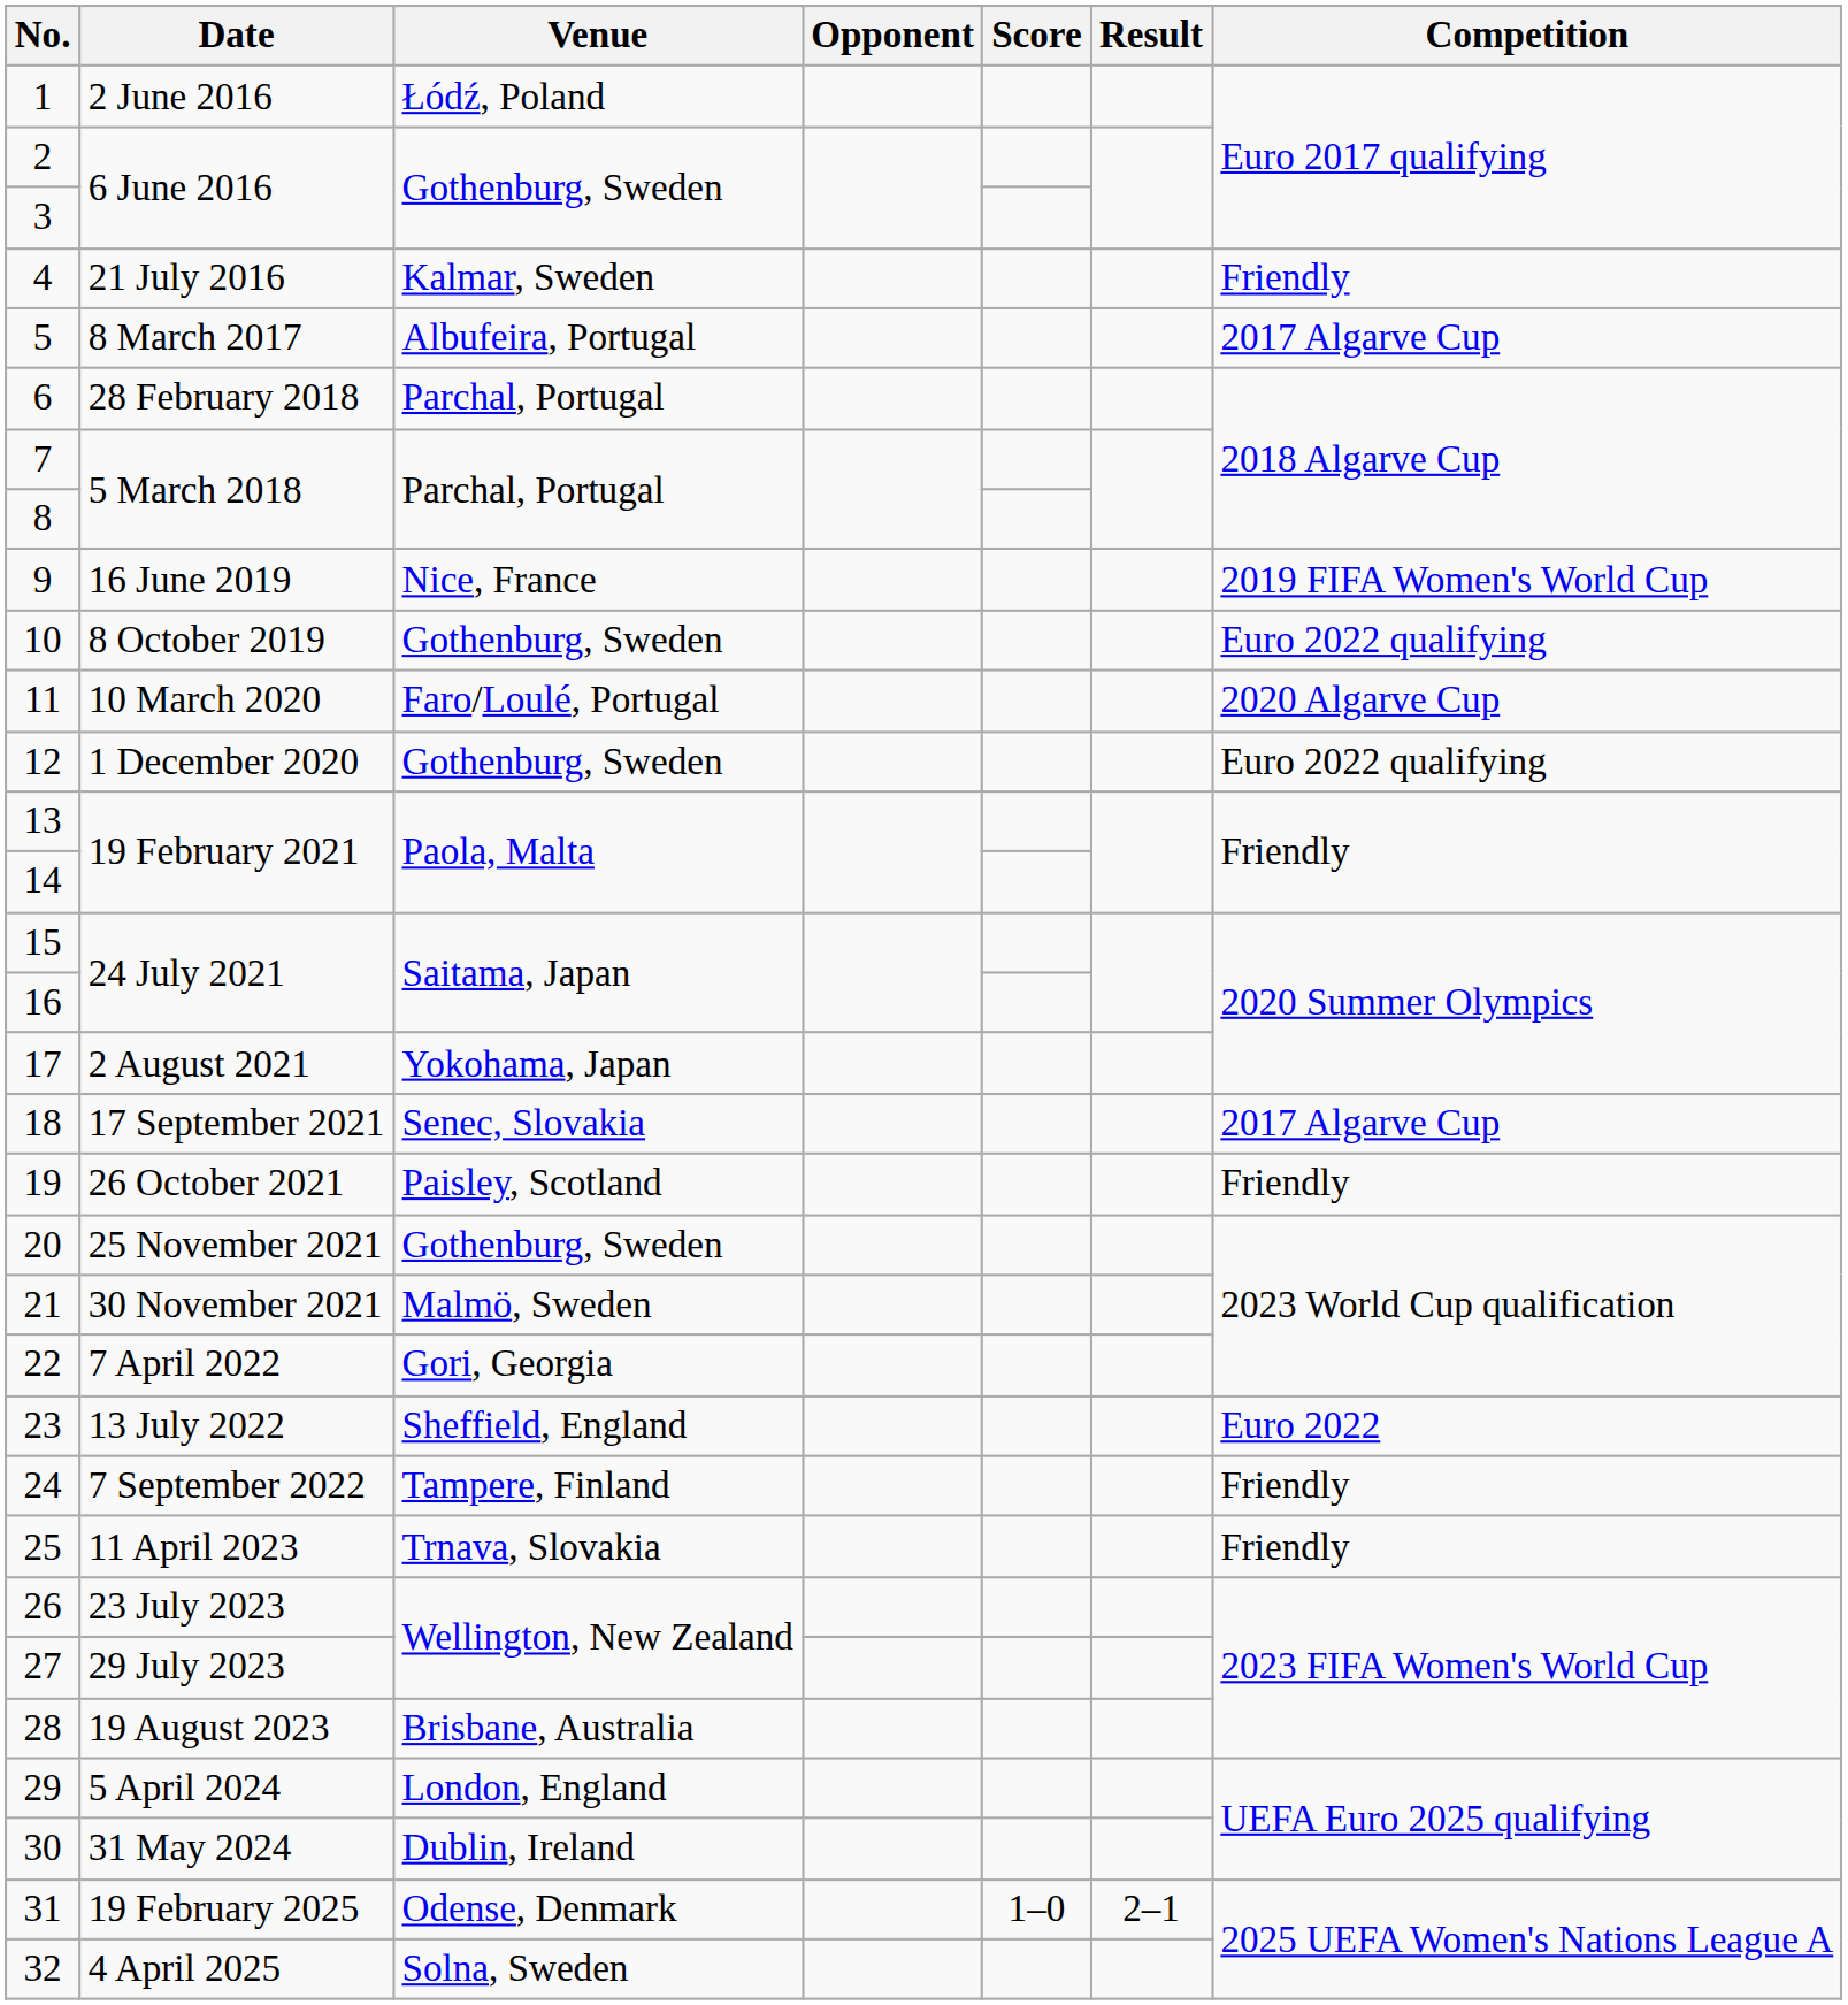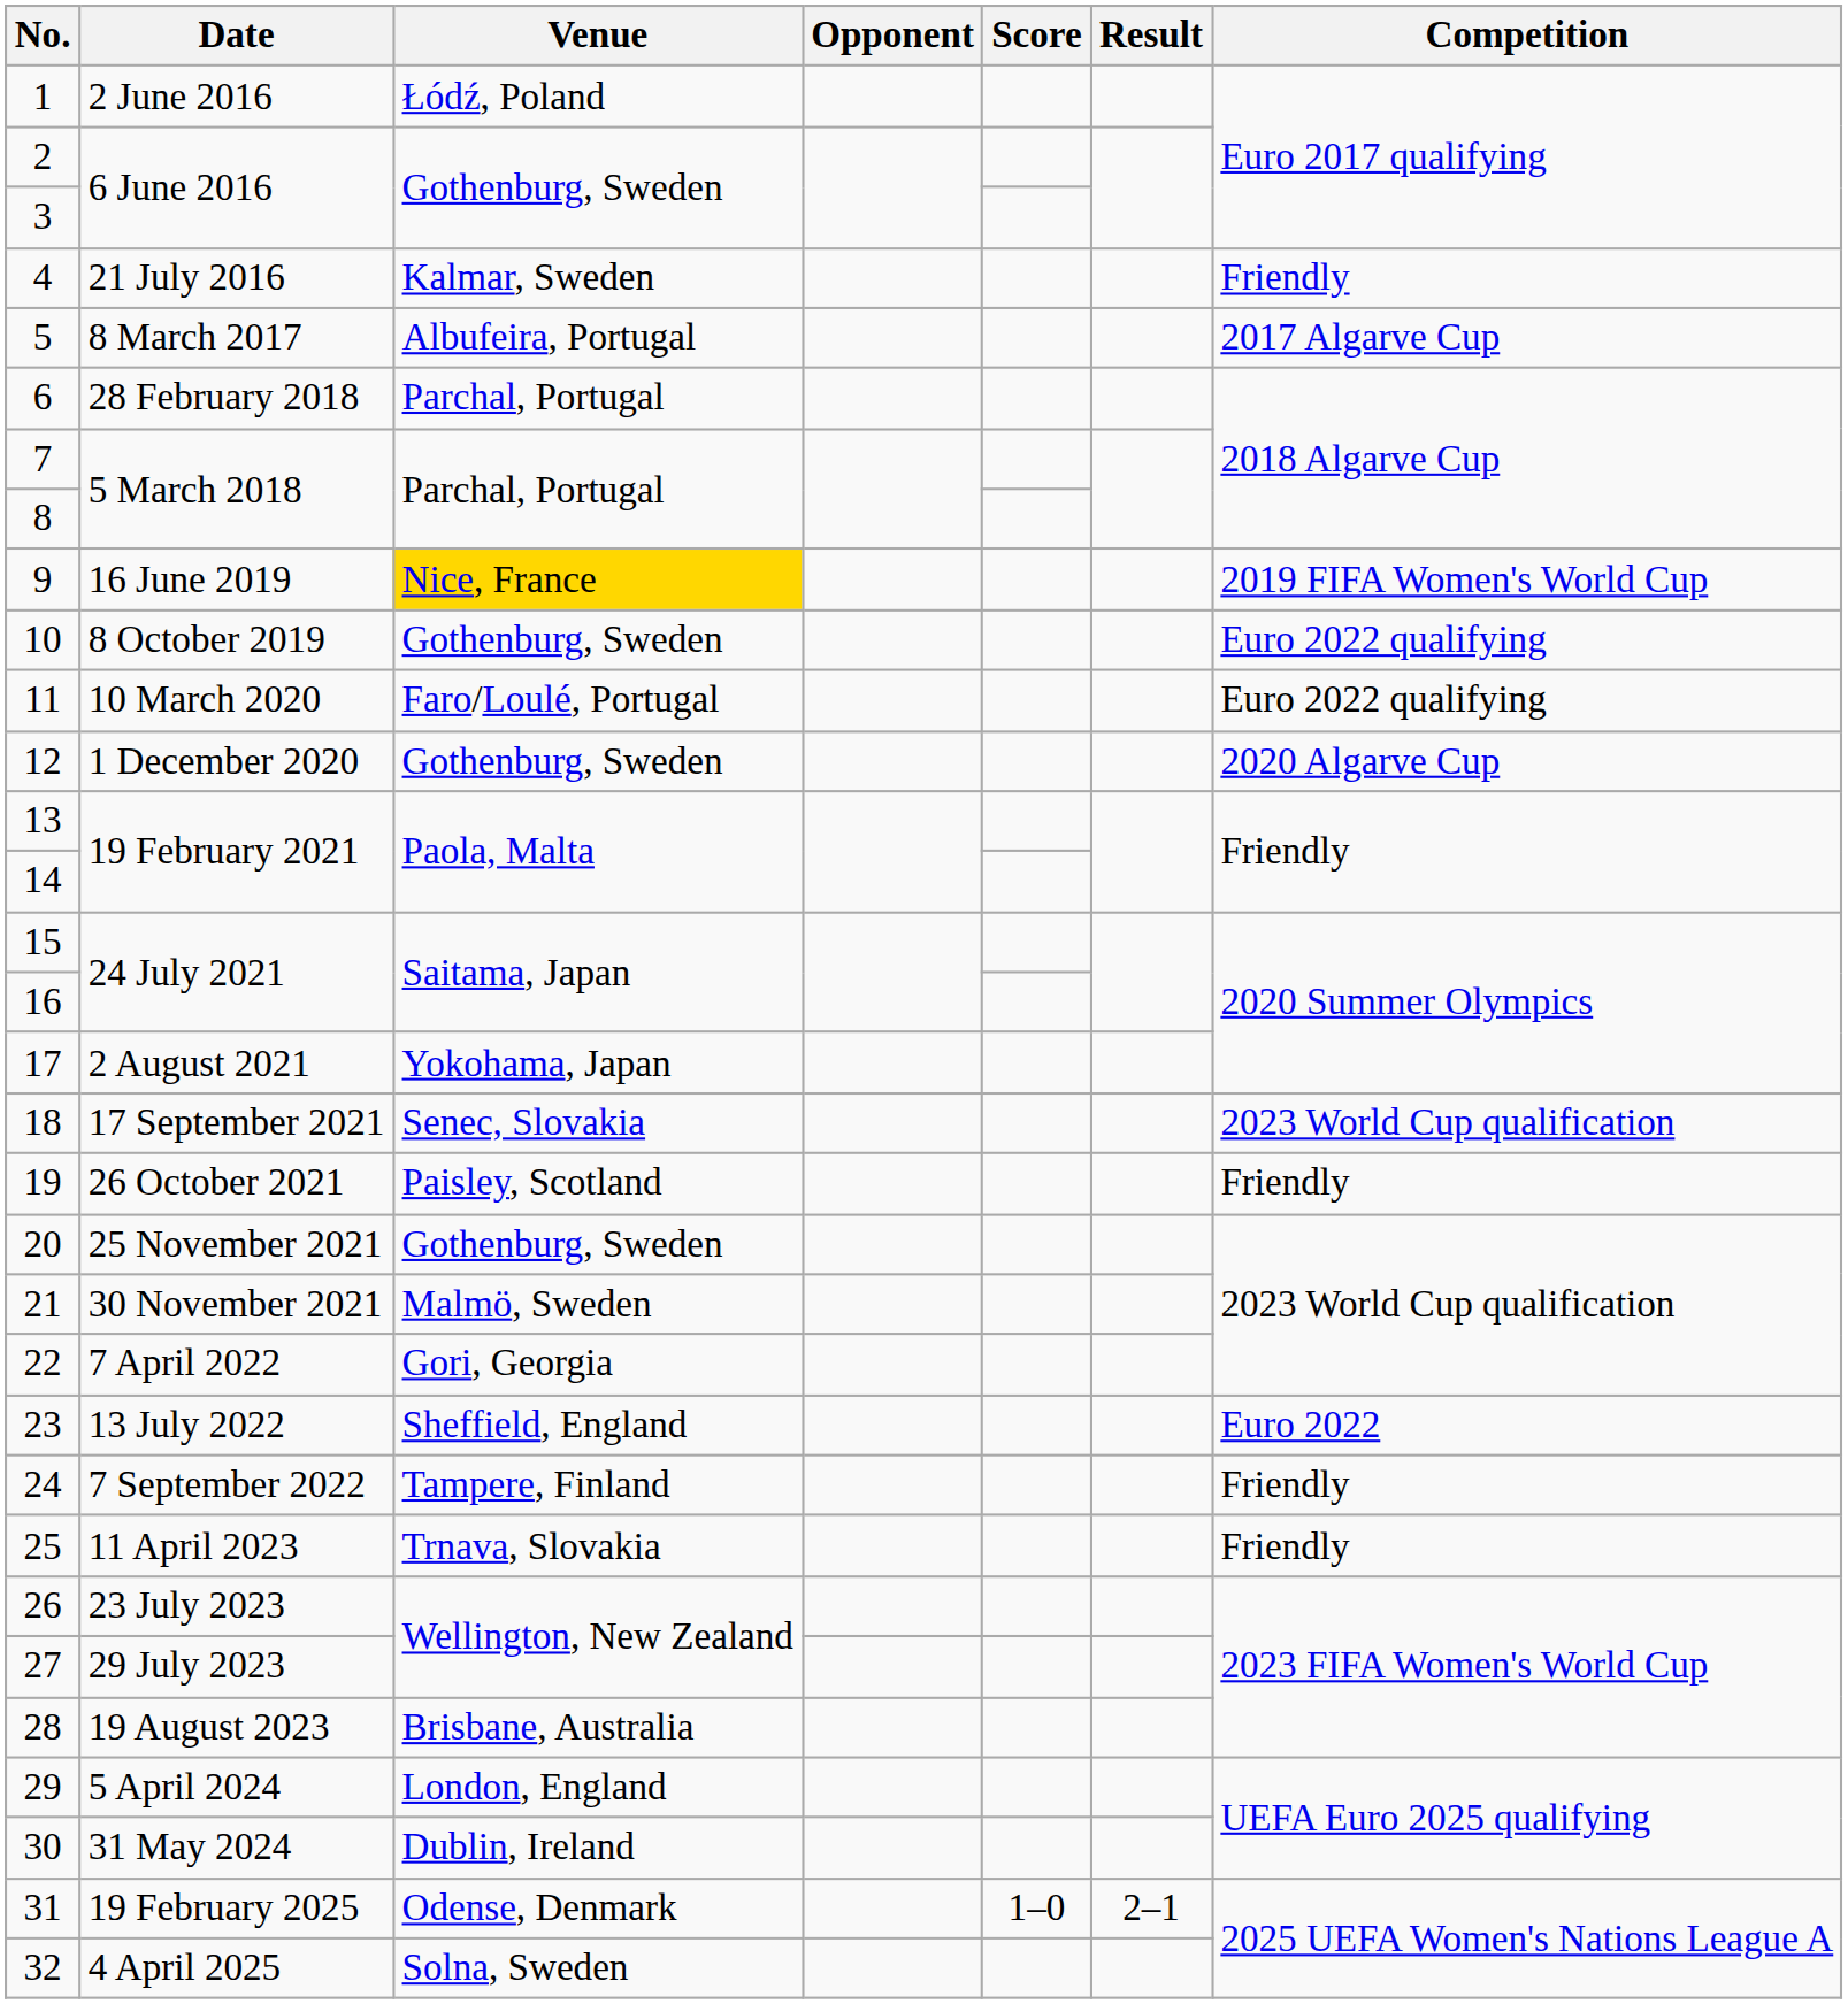 <table class="wikitable sortable">
 <tr>
 <th scope="col">No.</th>
 <th scope="col">Date</th>
 <th scope="col">Venue</th>
 <th scope="col">Opponent</th>
 <th scope="col">Score</th>
 <th scope="col">Result</th>
 <th scope="col">Competition</th>
 </tr>
 <tr>
 <td align="center">1</td>
 <td>2 June 2016</td>
 <td><a href='#'>Łódź</a>, Poland</td>
 <td></td>
 <td align="center"></td>
 <td align="center"></td>
 <td rowspan="3"><a href='#'>Euro 2017 qualifying</a></td>
 </tr>
 <tr>
 <td align="center">2</td>
 <td rowspan="2">6 June 2016</td>
 <td rowspan="2"><a href='#'>Gothenburg</a>, Sweden</td>
 <td rowspan="2"></td>
 <td align="center"></td>
 <td rowspan="2" style="text-align:center"></td>
 </tr>
 <tr>
 <td align="center">3</td>
 <td align="center"></td>
 </tr>
 <tr>
 <td align="center">4</td>
 <td>21 July 2016</td>
 <td><a href='#'>Kalmar</a>, Sweden</td>
 <td></td>
 <td align="center"></td>
 <td align="center"></td>
 <td><a href='#'>Friendly</a></td>
 </tr>
 <tr>
 <td align="center">5</td>
 <td>8 March 2017</td>
 <td><a href='#'>Albufeira</a>, Portugal</td>
 <td></td>
 <td align="center"></td>
 <td align="center"></td>
 <td><a href='#'>2017 Algarve Cup</a></td>
 </tr>
 <tr>
 <td align="center">6</td>
 <td>28 February 2018</td>
 <td><a href='#'>Parchal</a>, Portugal</td>
 <td></td>
 <td align="center"></td>
 <td align="center"></td>
 <td rowspan="3"><a href='#'>2018 Algarve Cup</a></td>
 </tr>
 <tr>
 <td align="center">7</td>
 <td rowspan="2">5 March 2018</td>
 <td rowspan="2">Parchal, Portugal</td>
 <td rowspan="2"></td>
 <td align="center"></td>
 <td rowspan="2" style="text-align:center"></td>
 </tr>
 <tr>
 <td align="center">8</td>
 <td align="center"></td>
 </tr>
 <tr>
 <td align="center">9</td>
 <td>16 June 2019</td>
-<td><a href='#'>Nice</a>, France</td>
+<td style="background: gold;"><a href='#'>Nice</a>, France</td>
 <td></td>
 <td align="center"></td>
 <td align="center"></td>
 <td><a href='#'>2019 FIFA Women's World Cup</a></td>
 </tr>
 <tr>
 <td align="center">10</td>
 <td>8 October 2019</td>
 <td><a href='#'>Gothenburg</a>, Sweden</td>
 <td></td>
 <td align="center"></td>
 <td align="center"></td>
 <td><a href='#'>Euro 2022 qualifying</a></td>
 </tr>
 <tr>
 <td align="center">11</td>
 <td>10 March 2020</td>
 <td><a href='#'>Faro</a>/<a href='#'>Loulé</a>, Portugal</td>
 <td></td>
 <td align="center"></td>
 <td align="center"></td>
-<td><a href='#'>2020 Algarve Cup</a></td>
+<td>Euro 2022 qualifying</td>
 </tr>
 <tr>
 <td align="center">12</td>
 <td>1 December 2020</td>
 <td><a href='#'>Gothenburg</a>, Sweden</td>
 <td></td>
 <td align="center"></td>
 <td align="center"></td>
-<td>Euro 2022 qualifying</td>
+<td><a href='#'>2020 Algarve Cup</a></td>
 </tr>
 <tr>
 <td align="center">13</td>
 <td rowspan="2">19 February 2021</td>
 <td rowspan="2"><a href='#'>Paola, Malta</a></td>
 <td rowspan="2"></td>
 <td align="center"></td>
 <td rowspan="2" style="text-align:center"></td>
 <td rowspan="2">Friendly</td>
 </tr>
 <tr>
 <td align="center">14</td>
 <td align="center"></td>
 </tr>
 <tr>
 <td align="center">15</td>
 <td rowspan="2">24 July 2021</td>
 <td rowspan="2"><a href='#'>Saitama</a>, Japan</td>
 <td rowspan="2"></td>
 <td align="center"></td>
 <td rowspan="2" style="text-align:center"></td>
 <td rowspan="3"><a href='#'>2020 Summer Olympics</a></td>
 </tr>
 <tr>
 <td align="center">16</td>
 <td align="center"></td>
 </tr>
 <tr>
 <td align="center">17</td>
 <td>2 August 2021</td>
 <td><a href='#'>Yokohama</a>, Japan</td>
 <td></td>
 <td align="center"></td>
 <td align="center"></td>
 </tr>
 <tr>
 <td align="center">18</td>
 <td>17 September 2021</td>
 <td><a href='#'>Senec, Slovakia</a></td>
 <td></td>
 <td align="center"></td>
 <td align="center"></td>
-<td><a href='#'>2017 Algarve Cup</a></td>
+<td><a href='#'>2023 World Cup qualification</a></td>
 </tr>
 <tr>
 <td align="center">19</td>
 <td>26 October 2021</td>
 <td><a href='#'>Paisley</a>, Scotland</td>
 <td></td>
 <td align="center"></td>
 <td align="center"></td>
 <td>Friendly</td>
 </tr>
 <tr>
 <td align="center">20</td>
 <td>25 November 2021</td>
 <td><a href='#'>Gothenburg</a>, Sweden</td>
 <td></td>
 <td align="center"></td>
 <td align="center"></td>
 <td rowspan="3">2023 World Cup qualification</td>
 </tr>
 <tr>
 <td align="center">21</td>
 <td>30 November 2021</td>
 <td><a href='#'>Malmö</a>, Sweden</td>
 <td></td>
 <td align="center"></td>
 <td align="center"></td>
 </tr>
 <tr>
 <td align="center">22</td>
 <td>7 April 2022</td>
 <td><a href='#'>Gori</a>, Georgia</td>
 <td></td>
 <td align="center"></td>
 <td align="center"></td>
 </tr>
 <tr>
 <td align="center">23</td>
 <td>13 July 2022</td>
 <td><a href='#'>Sheffield</a>, England</td>
 <td></td>
 <td align="center"></td>
 <td align="center"></td>
 <td><a href='#'>Euro 2022</a></td>
 </tr>
 <tr>
 <td align="center">24</td>
 <td>7 September 2022</td>
 <td><a href='#'>Tampere</a>, Finland</td>
 <td></td>
 <td align="center"></td>
 <td align="center"></td>
 <td>Friendly</td>
 </tr>
 <tr>
 <td align="center">25</td>
 <td>11 April 2023</td>
 <td><a href='#'>Trnava</a>, Slovakia</td>
 <td></td>
 <td align="center"></td>
 <td align="center"></td>
 <td>Friendly</td>
 </tr>
 <tr>
 <td align="center">26</td>
 <td>23 July 2023</td>
 <td rowspan="2"><a href='#'>Wellington</a>, New Zealand</td>
 <td></td>
 <td align="center"></td>
 <td align="center"></td>
 <td rowspan="3"><a href='#'>2023 FIFA Women's World Cup</a></td>
 </tr>
 <tr>
 <td align="center">27</td>
 <td>29 July 2023</td>
 <td></td>
 <td align="center"></td>
 <td align="center"></td>
 </tr>
 <tr>
 <td align="center">28</td>
 <td>19 August 2023</td>
 <td><a href='#'>Brisbane</a>, Australia</td>
 <td></td>
 <td align="center"></td>
 <td align="center"></td>
 </tr>
 <tr>
 <td align="center">29</td>
 <td>5 April 2024</td>
 <td><a href='#'>London</a>, England</td>
 <td></td>
 <td align="center"></td>
 <td align="center"></td>
 <td rowspan="2"><a href='#'>UEFA Euro 2025 qualifying</a></td>
 </tr>
 <tr>
 <td align="center">30</td>
 <td>31 May 2024</td>
 <td><a href='#'>Dublin</a>, Ireland</td>
 <td></td>
 <td align="center"></td>
 <td align="center"></td>
 </tr>
 <tr>
 <td align="center">31</td>
 <td>19 February 2025</td>
 <td><a href='#'>Odense</a>, Denmark</td>
 <td></td>
 <td align=center>1–0</td>
 <td align=center>2–1</td>
 <td rowspan="2"><a href='#'>2025 UEFA Women's Nations League A</a></td>
 </tr>
 <tr>
 <td align="center">32</td>
 <td>4 April 2025</td>
 <td><a href='#'>Solna</a>, Sweden</td>
 <td></td>
 <td align=center></td>
 <td align=center></td>
 </tr>
 </table>
